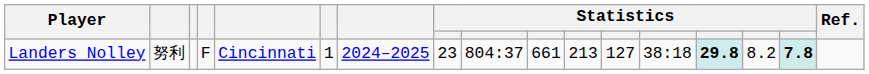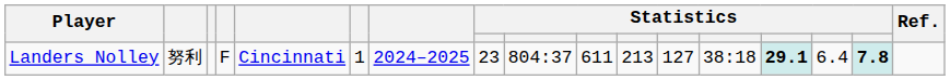 <table class="wikitable sortable" style="font-size:95%; text-align:right;">
 <tr>
 <th rowspan="2">Player</th>
 <th rowspan="2"></th>
 <th rowspan="2"></th>
 <th rowspan="2"></th>
 <th rowspan="2"></th>
 <th rowspan="2"></th>
 <th rowspan="2"></th>
 <th colspan="9">Statistics</th>
 <th rowspan="2">Ref.</th>
 </tr>
 <tr>
 <th></th>
 <th></th>
 <th></th>
 <th></th>
 <th></th>
 <th></th>
 <th></th>
 <th></th>
 <th></th>
 </tr>
 <tr>
 <td align="left"><a href='#'>Landers Nolley</a></td>
 <td align="left">努利</td>
 <td align="center"></td>
 <td align="center">F</td>
 <td align="left"><a href='#'>Cincinnati</a></td>
 <td align="center">1</td>
 <td align="center"><a href='#'>2024–2025</a></td>
 <td>23</td>
 <td>804:37</td>
-<td>661</td>
+<td>611</td>
 <td>213</td>
 <td>127</td>
 <td>38:18</td>
-<td bgcolor="#CFECEC"><strong>29.8</strong></td>
-<td>8.2</td>
+<td bgcolor="#CFECEC"><strong>29.1</strong></td>
+<td>6.4</td>
 <td bgcolor="#CFECEC"><strong>7.8</strong></td>
 <td align="center"></td>
 </tr>
 </table>
